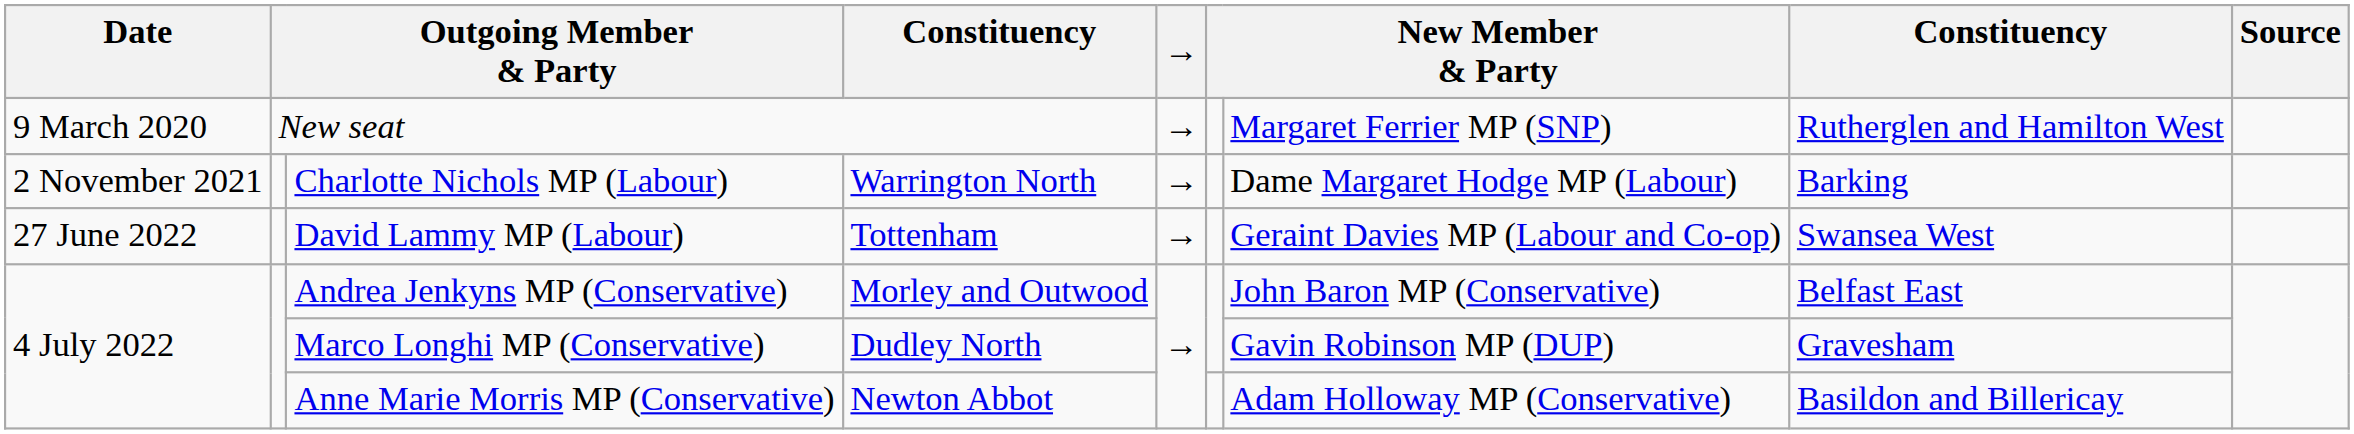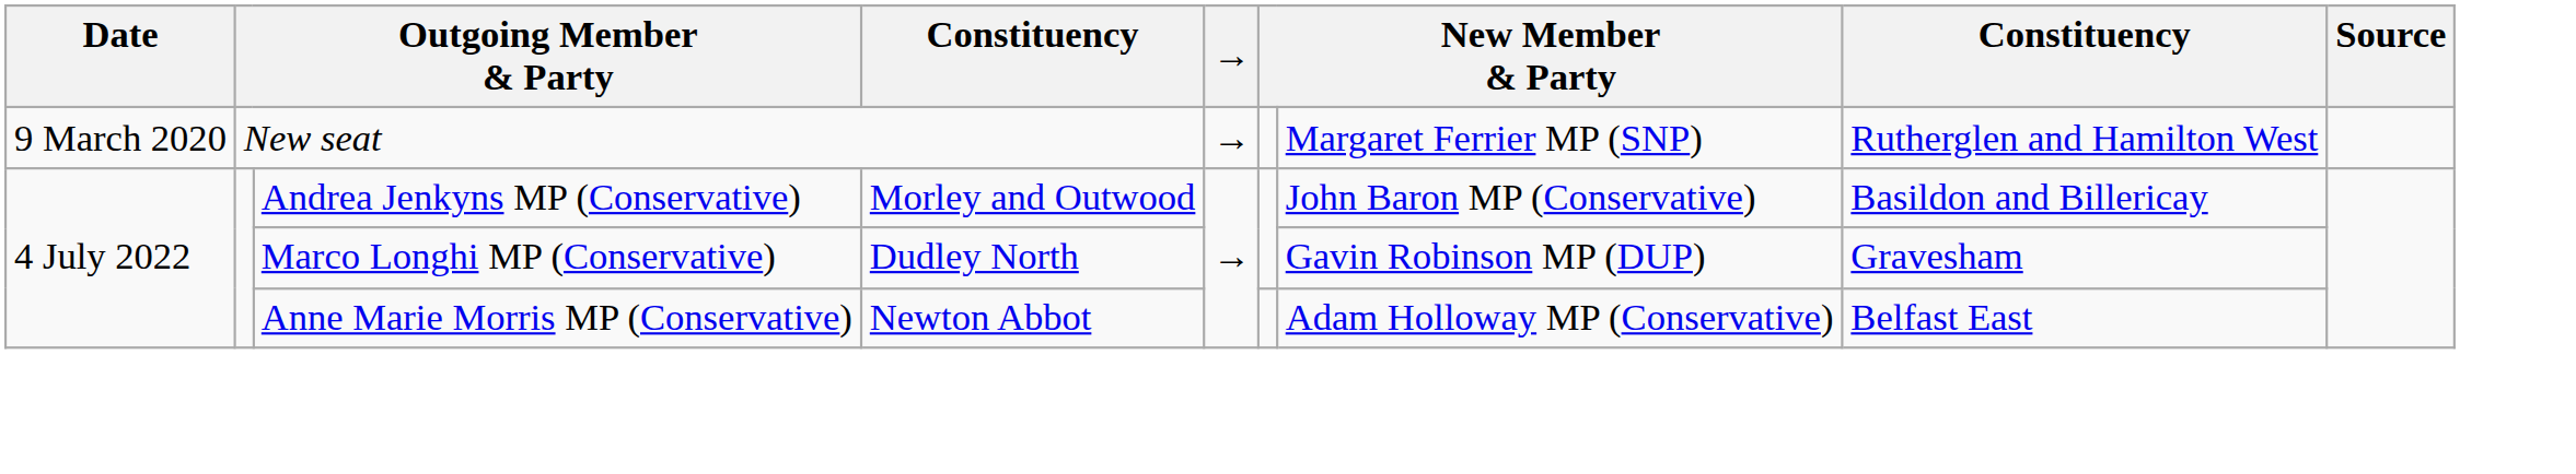 <table class="wikitable">
 <tr>
 <th valign="top">Date</th>
 <th colspan="2" valign="top">Outgoing Member<br>& Party</th>
 <th valign="top">Constituency</th>
 <th>→</th>
 <th colspan="2" valign="top">New Member<br>& Party</th>
 <th valign="top">Constituency</th>
 <th valign="top">Source</th>
 </tr>
 <tr>
 <td>9 March 2020</td>
 <td colspan=3><em>New seat</em></td>
 <td>→</td>
 <td style="color:inherit;background:"></td>
 <td><a href='#'>Margaret Ferrier</a> MP (<a href='#'>SNP</a>)</td>
 <td><a href='#'>Rutherglen and Hamilton West</a></td>
 <td></td>
 </tr>
 <tr>
-<td>2 November 2021</td>
-<td style="color:inherit;background:"></td>
-<td><a href='#'>Charlotte Nichols</a> MP (<a href='#'>Labour</a>)</td>
-<td><a href='#'>Warrington North</a></td>
-<td>→</td>
-<td style="color:inherit;background:"></td>
-<td>Dame <a href='#'>Margaret Hodge</a> MP (<a href='#'>Labour</a>)</td>
-<td><a href='#'>Barking</a></td>
-<td></td>
-</tr>
-<tr>
-<td>27 June 2022</td>
-<td style="color:inherit;background:"></td>
-<td><a href='#'>David Lammy</a> MP (<a href='#'>Labour</a>)</td>
-<td><a href='#'>Tottenham</a></td>
-<td>→</td>
-<td style="color:inherit;background:"></td>
-<td><a href='#'>Geraint Davies</a> MP (<a href='#'>Labour and Co-op</a>)</td>
-<td><a href='#'>Swansea West</a></td>
-<td></td>
-</tr>
-<tr>
 <td rowspan=3>4 July 2022</td>
 <td rowspan=3 style="color:inherit;background:"></td>
 <td><a href='#'>Andrea Jenkyns</a> MP (<a href='#'>Conservative</a>)</td>
 <td><a href='#'>Morley and Outwood</a></td>
 <td rowspan=3>→</td>
 <td rowspan=2 style="color:inherit;background:"></td>
 <td><a href='#'>John Baron</a> MP (<a href='#'>Conservative</a>)</td>
-<td><a href='#'>Belfast East</a></td>
+<td><a href='#'>Basildon and Billericay</a></td>
 <td rowspan=3></td>
 </tr>
 <tr>
 <td><a href='#'>Marco Longhi</a> MP (<a href='#'>Conservative</a>)</td>
 <td><a href='#'>Dudley North</a></td>
 <td><a href='#'>Gavin Robinson</a> MP (<a href='#'>DUP</a>)</td>
 <td><a href='#'>Gravesham</a></td>
 </tr>
 <tr>
 <td><a href='#'>Anne Marie Morris</a> MP (<a href='#'>Conservative</a>)</td>
 <td><a href='#'>Newton Abbot</a></td>
 <td style="color:inherit;background:"></td>
 <td><a href='#'>Adam Holloway</a> MP (<a href='#'>Conservative</a>)</td>
-<td><a href='#'>Basildon and Billericay</a></td>
+<td><a href='#'>Belfast East</a></td>
 </tr>
 </table>
